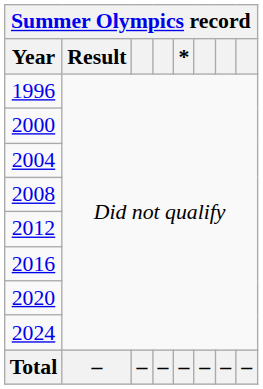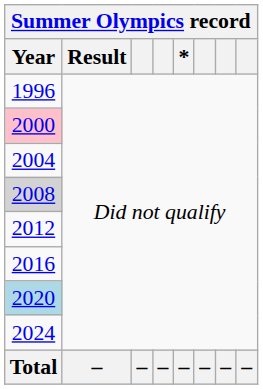 <table class="wikitable" style="text-align: center;">
 <tr>
 <th colspan="8"><a href='#'>Summer Olympics</a> record</th>
 </tr>
 <tr>
 <th>Year</th>
 <th>Result</th>
 <th></th>
 <th></th>
 <th>*</th>
 <th></th>
 <th></th>
 <th></th>
 </tr>
 <tr>
 <td> <a href='#'>1996</a></td>
 <td colspan=7 rowspan=8><em>Did not qualify</em></td>
 </tr>
 <tr>
-<td> <a href='#'>2000</a></td>
+<td style="background: pink;"> <a href='#'>2000</a></td>
 </tr>
 <tr>
 <td> <a href='#'>2004</a></td>
 </tr>
 <tr>
-<td> <a href='#'>2008</a></td>
+<td style="background: lightgrey;"> <a href='#'>2008</a></td>
 </tr>
 <tr>
 <td> <a href='#'>2012</a></td>
 </tr>
 <tr>
 <td> <a href='#'>2016</a></td>
 </tr>
 <tr>
-<td> <a href='#'>2020</a></td>
+<td style="background: lightblue;"> <a href='#'>2020</a></td>
 </tr>
 <tr>
 <td> <a href='#'>2024</a></td>
 </tr>
 <tr>
 <th>Total</th>
 <th>–</th>
 <th>–</th>
 <th>–</th>
 <th>–</th>
 <th>–</th>
 <th>–</th>
 <th>–</th>
 </tr>
 </table>
